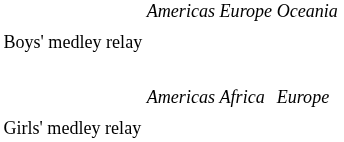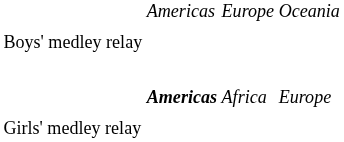 <table>
 <tr>
 <td>Boys' medley relay<br></td>
 <td><em>Americas</em> <br>  <br>  <br>  <br> </td>
 <td><em>Europe</em> <br>  <br>  <br>  <br> </td>
 <td><em>Oceania</em> <br>  <br>  <br>  <br> </td>
 </tr>
 <tr>
 <td>Girls' medley relay<br></td>
-<td><em>Americas</em> <br>  <br>  <br>  <br> </td>
+<td><strong><em>Americas</em> <br>  <br>  <br>  <br> </strong></td>
 <td><em>Africa</em> <br>  <br>  <br>  <br> </td>
 <td><em>Europe</em> <br>  <br>  <br>  <br> </td>
 </tr>
 </table>
